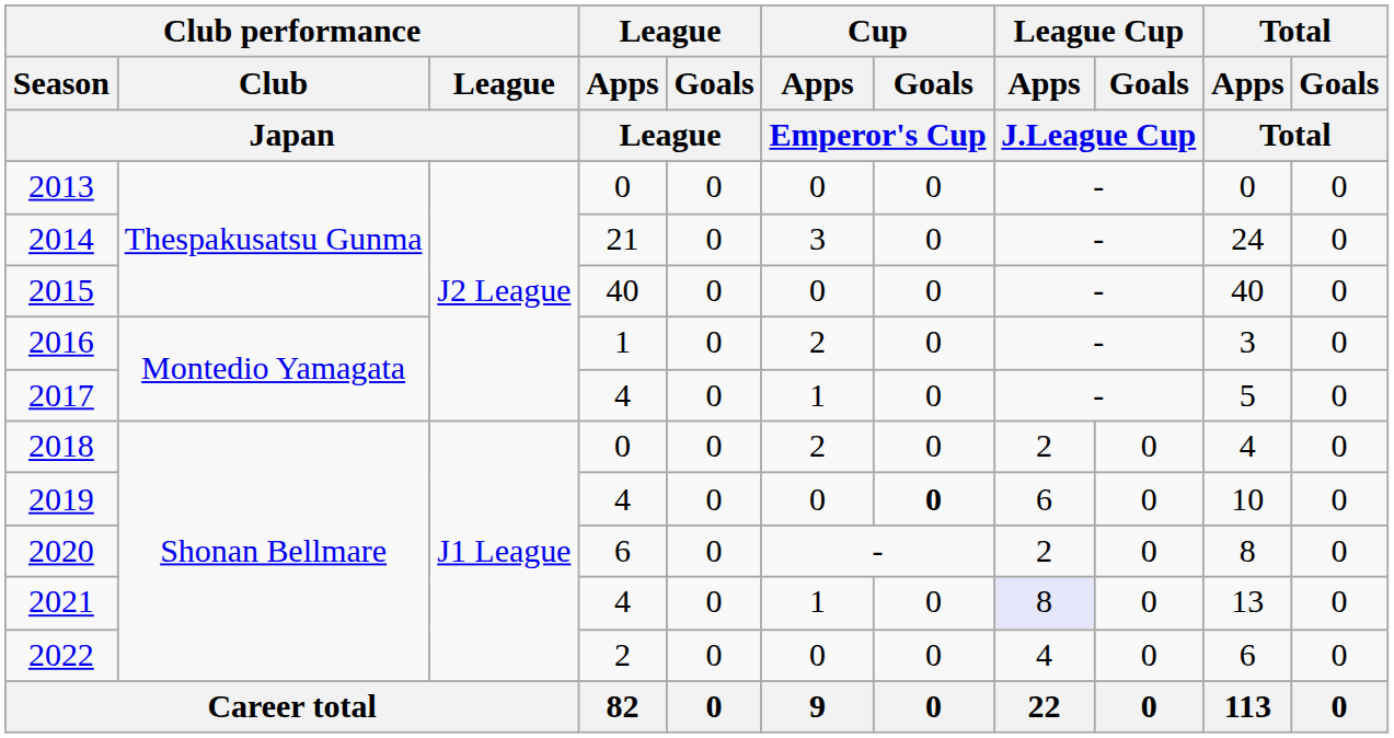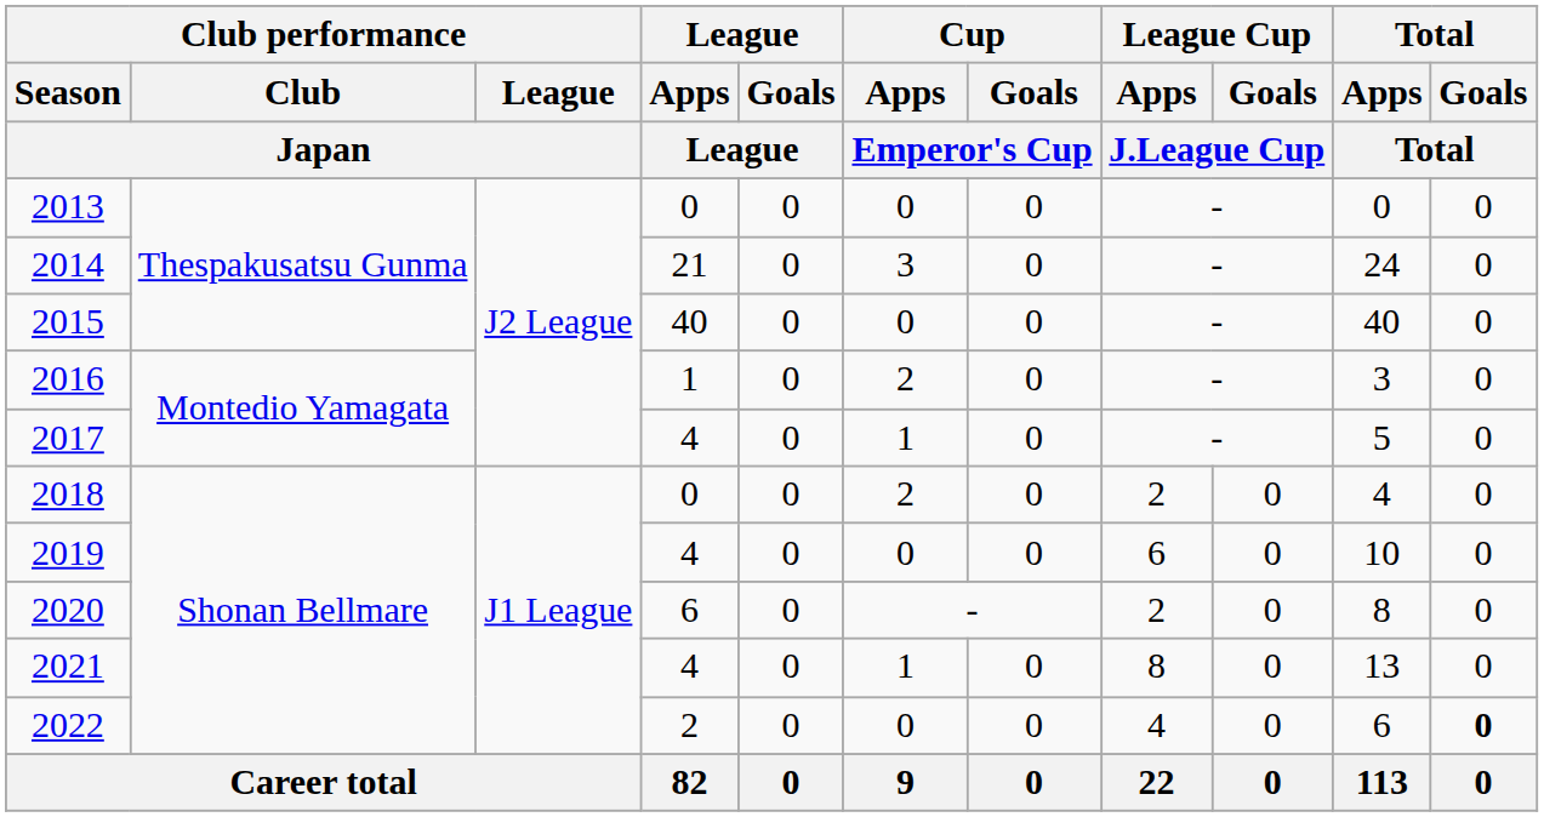 <table class="wikitable" style="text-align:center">
 <tr>
 <th colspan=3>Club performance</th>
 <th colspan=2>League</th>
 <th colspan=2>Cup</th>
 <th colspan=2>League Cup</th>
 <th colspan=2>Total</th>
 </tr>
 <tr>
 <th>Season</th>
 <th>Club</th>
 <th>League</th>
 <th>Apps</th>
 <th>Goals</th>
 <th>Apps</th>
 <th>Goals</th>
 <th>Apps</th>
 <th>Goals</th>
 <th>Apps</th>
 <th>Goals</th>
 </tr>
 <tr>
 <th colspan=3>Japan</th>
 <th colspan=2>League</th>
 <th colspan=2><a href='#'>Emperor's Cup</a></th>
 <th colspan=2><a href='#'>J.League Cup</a></th>
 <th colspan=2>Total</th>
 </tr>
 <tr>
 <td><a href='#'>2013</a></td>
 <td rowspan="3"><a href='#'>Thespakusatsu Gunma</a></td>
 <td rowspan="5"><a href='#'>J2 League</a></td>
 <td>0</td>
 <td>0</td>
 <td>0</td>
 <td>0</td>
 <td colspan="2">-</td>
 <td>0</td>
 <td>0</td>
 </tr>
 <tr>
 <td><a href='#'>2014</a></td>
 <td>21</td>
 <td>0</td>
 <td>3</td>
 <td>0</td>
 <td colspan="2">-</td>
 <td>24</td>
 <td>0</td>
 </tr>
 <tr>
 <td><a href='#'>2015</a></td>
 <td>40</td>
 <td>0</td>
 <td>0</td>
 <td>0</td>
 <td colspan="2">-</td>
 <td>40</td>
 <td>0</td>
 </tr>
 <tr>
 <td><a href='#'>2016</a></td>
 <td rowspan="2"><a href='#'>Montedio Yamagata</a></td>
 <td>1</td>
 <td>0</td>
 <td>2</td>
 <td>0</td>
 <td colspan="2">-</td>
 <td>3</td>
 <td>0</td>
 </tr>
 <tr>
 <td><a href='#'>2017</a></td>
 <td>4</td>
 <td>0</td>
 <td>1</td>
 <td>0</td>
 <td colspan="2">-</td>
 <td>5</td>
 <td>0</td>
 </tr>
 <tr>
 <td><a href='#'>2018</a></td>
 <td rowspan="5"><a href='#'>Shonan Bellmare</a></td>
 <td rowspan="5"><a href='#'>J1 League</a></td>
 <td>0</td>
 <td>0</td>
 <td>2</td>
 <td>0</td>
 <td>2</td>
 <td>0</td>
 <td>4</td>
 <td>0</td>
 </tr>
 <tr>
 <td><a href='#'>2019</a></td>
 <td>4</td>
 <td>0</td>
 <td>0</td>
-<td><strong>0</strong></td>
+<td>0</td>
 <td>6</td>
 <td>0</td>
 <td>10</td>
 <td>0</td>
 </tr>
 <tr>
 <td><a href='#'>2020</a></td>
 <td>6</td>
 <td>0</td>
 <td colspan="2">-</td>
 <td>2</td>
 <td>0</td>
 <td>8</td>
 <td>0</td>
 </tr>
 <tr>
 <td><a href='#'>2021</a></td>
 <td>4</td>
 <td>0</td>
 <td>1</td>
 <td>0</td>
-<td style="background: lavender;">8</td>
+<td>8</td>
 <td>0</td>
 <td>13</td>
 <td>0</td>
 </tr>
 <tr>
 <td><a href='#'>2022</a></td>
 <td>2</td>
 <td>0</td>
 <td>0</td>
 <td>0</td>
 <td>4</td>
 <td>0</td>
 <td>6</td>
-<td>0</td>
+<td><strong>0</strong></td>
 </tr>
 <tr>
 <th colspan="3">Career total</th>
 <th>82</th>
 <th>0</th>
 <th>9</th>
 <th>0</th>
 <th>22</th>
 <th>0</th>
 <th>113</th>
 <th>0</th>
 </tr>
 </table>
